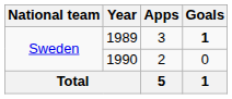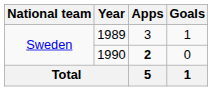 <table class="wikitable" style="text-align:center">
 <tr>
 <th>National team</th>
 <th>Year</th>
 <th>Apps</th>
 <th>Goals</th>
 </tr>
 <tr>
 <td rowspan="2"><a href='#'>Sweden</a></td>
 <td>1989</td>
 <td>3</td>
-<td><strong>1</strong></td>
+<td>1</td>
 </tr>
 <tr>
 <td>1990</td>
-<td>2</td>
+<td><strong>2</strong></td>
 <td>0</td>
 </tr>
 <tr>
 <th colspan="2">Total</th>
 <th>5</th>
 <th>1</th>
 </tr>
 </table>
